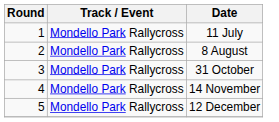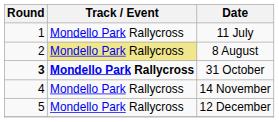 <table class="wikitable" style="text–align:centre">
 <tr>
 <th>Round</th>
 <th>Track / Event</th>
 <th>Date</th>
 </tr>
 <tr>
 <td align="right">1</td>
 <td align="left"><a href='#'>Mondello Park</a> Rallycross</td>
 <td align="center">11 July</td>
 </tr>
 <tr>
 <td align="right">2</td>
-<td align="left"><a href='#'>Mondello Park</a> Rallycross</td>
+<td align="left" style="background: khaki;"><a href='#'>Mondello Park</a> Rallycross</td>
 <td align="center">8 August</td>
 </tr>
 <tr>
-<td align="right">3</td>
-<td align="left"><a href='#'>Mondello Park</a> Rallycross</td>
+<td align="right"><strong>3</strong></td>
+<td align="left"><strong><a href='#'>Mondello Park</a> Rallycross</strong></td>
 <td align="center">31 October</td>
 </tr>
 <tr>
 <td align="right">4</td>
 <td align="left"><a href='#'>Mondello Park</a> Rallycross</td>
 <td align="center">14 November</td>
 </tr>
 <tr>
 <td align="right">5</td>
 <td align="left"><a href='#'>Mondello Park</a> Rallycross</td>
 <td align="center">12 December</td>
 </tr>
 <tr>
 </tr>
 </table>
